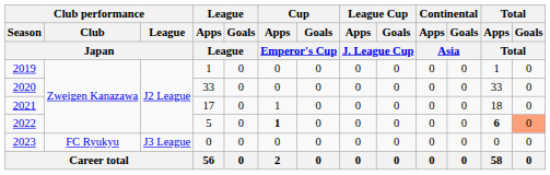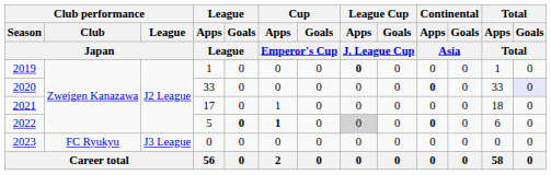 <table class="wikitable" style="text-align:center;">
 <tr>
 <th colspan=3>Club performance</th>
 <th colspan=2>League</th>
 <th colspan=2>Cup</th>
 <th colspan=2>League Cup</th>
 <th colspan=2>Continental</th>
 <th colspan=2>Total</th>
 </tr>
 <tr>
 <th>Season</th>
 <th>Club</th>
 <th>League</th>
 <th>Apps</th>
 <th>Goals</th>
 <th>Apps</th>
 <th>Goals</th>
 <th>Apps</th>
 <th>Goals</th>
 <th>Apps</th>
 <th>Goals</th>
 <th>Apps</th>
 <th>Goals</th>
 </tr>
 <tr>
 <th colspan=3>Japan</th>
 <th colspan=2>League</th>
 <th colspan=2><a href='#'>Emperor's Cup</a></th>
 <th colspan=2><a href='#'>J. League Cup</a></th>
 <th colspan=2><a href='#'>Asia</a></th>
 <th colspan=2>Total</th>
 </tr>
 <tr>
 <td><a href='#'>2019</a></td>
 <td rowspan="4"><a href='#'>Zweigen Kanazawa</a></td>
 <td rowspan="4"><a href='#'>J2 League</a></td>
 <td>1</td>
 <td>0</td>
 <td>0</td>
 <td>0</td>
-<td>0</td>
+<td><strong>0</strong></td>
 <td>0</td>
 <td>0</td>
 <td>0</td>
 <td>1</td>
 <td>0</td>
 </tr>
 <tr>
 <td><a href='#'>2020</a></td>
 <td>33</td>
 <td>0</td>
 <td>0</td>
 <td>0</td>
 <td>0</td>
 <td>0</td>
-<td>0</td>
+<td><strong>0</strong></td>
 <td>0</td>
 <td>33</td>
-<td>0</td>
+<td style="background: lavender;">0</td>
 </tr>
 <tr>
 <td><a href='#'>2021</a></td>
 <td>17</td>
 <td>0</td>
 <td>1</td>
 <td>0</td>
 <td>0</td>
 <td>0</td>
 <td>0</td>
 <td>0</td>
 <td>18</td>
 <td>0</td>
 </tr>
 <tr>
 <td><a href='#'>2022</a></td>
 <td>5</td>
-<td>0</td>
+<td><strong>0</strong></td>
 <td><strong>1</strong></td>
 <td>0</td>
+<td style="background: lightgrey;">0</td>
 <td>0</td>
+<td><strong>0</strong></td>
 <td>0</td>
+<td>6</td>
 <td>0</td>
-<td>0</td>
-<td><strong>6</strong></td>
-<td style="background: lightsalmon;">0</td>
 </tr>
 <tr>
 <td><a href='#'>2023</a></td>
 <td><a href='#'>FC Ryukyu</a></td>
 <td><a href='#'>J3 League</a></td>
 <td>0</td>
 <td>0</td>
 <td>0</td>
 <td>0</td>
 <td>0</td>
 <td>0</td>
 <td>0</td>
 <td>0</td>
 <td>0</td>
 <td>0</td>
 </tr>
 <tr>
 <th colspan=3>Career total</th>
 <th>56</th>
 <th>0</th>
 <th>2</th>
 <th>0</th>
 <th>0</th>
 <th>0</th>
 <th>0</th>
 <th>0</th>
 <th>58</th>
 <th>0</th>
 </tr>
 </table>
